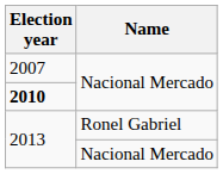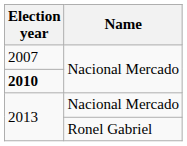 <table class=wikitable>
 <tr>
 <th>Election<br>year</th>
 <th>Name</th>
 </tr>
 <tr>
 <td>2007</td>
 <td rowspan=2>Nacional Mercado</td>
 </tr>
 <tr>
 <td><strong>2010</strong></td>
 </tr>
 <tr>
 <td rowspan=2>2013</td>
+<td>Nacional Mercado</td>
+</tr>
+<tr>
 <td>Ronel Gabriel</td>
 </tr>
-<tr>
-<td>Nacional Mercado</td>
-</tr>
 </table>
